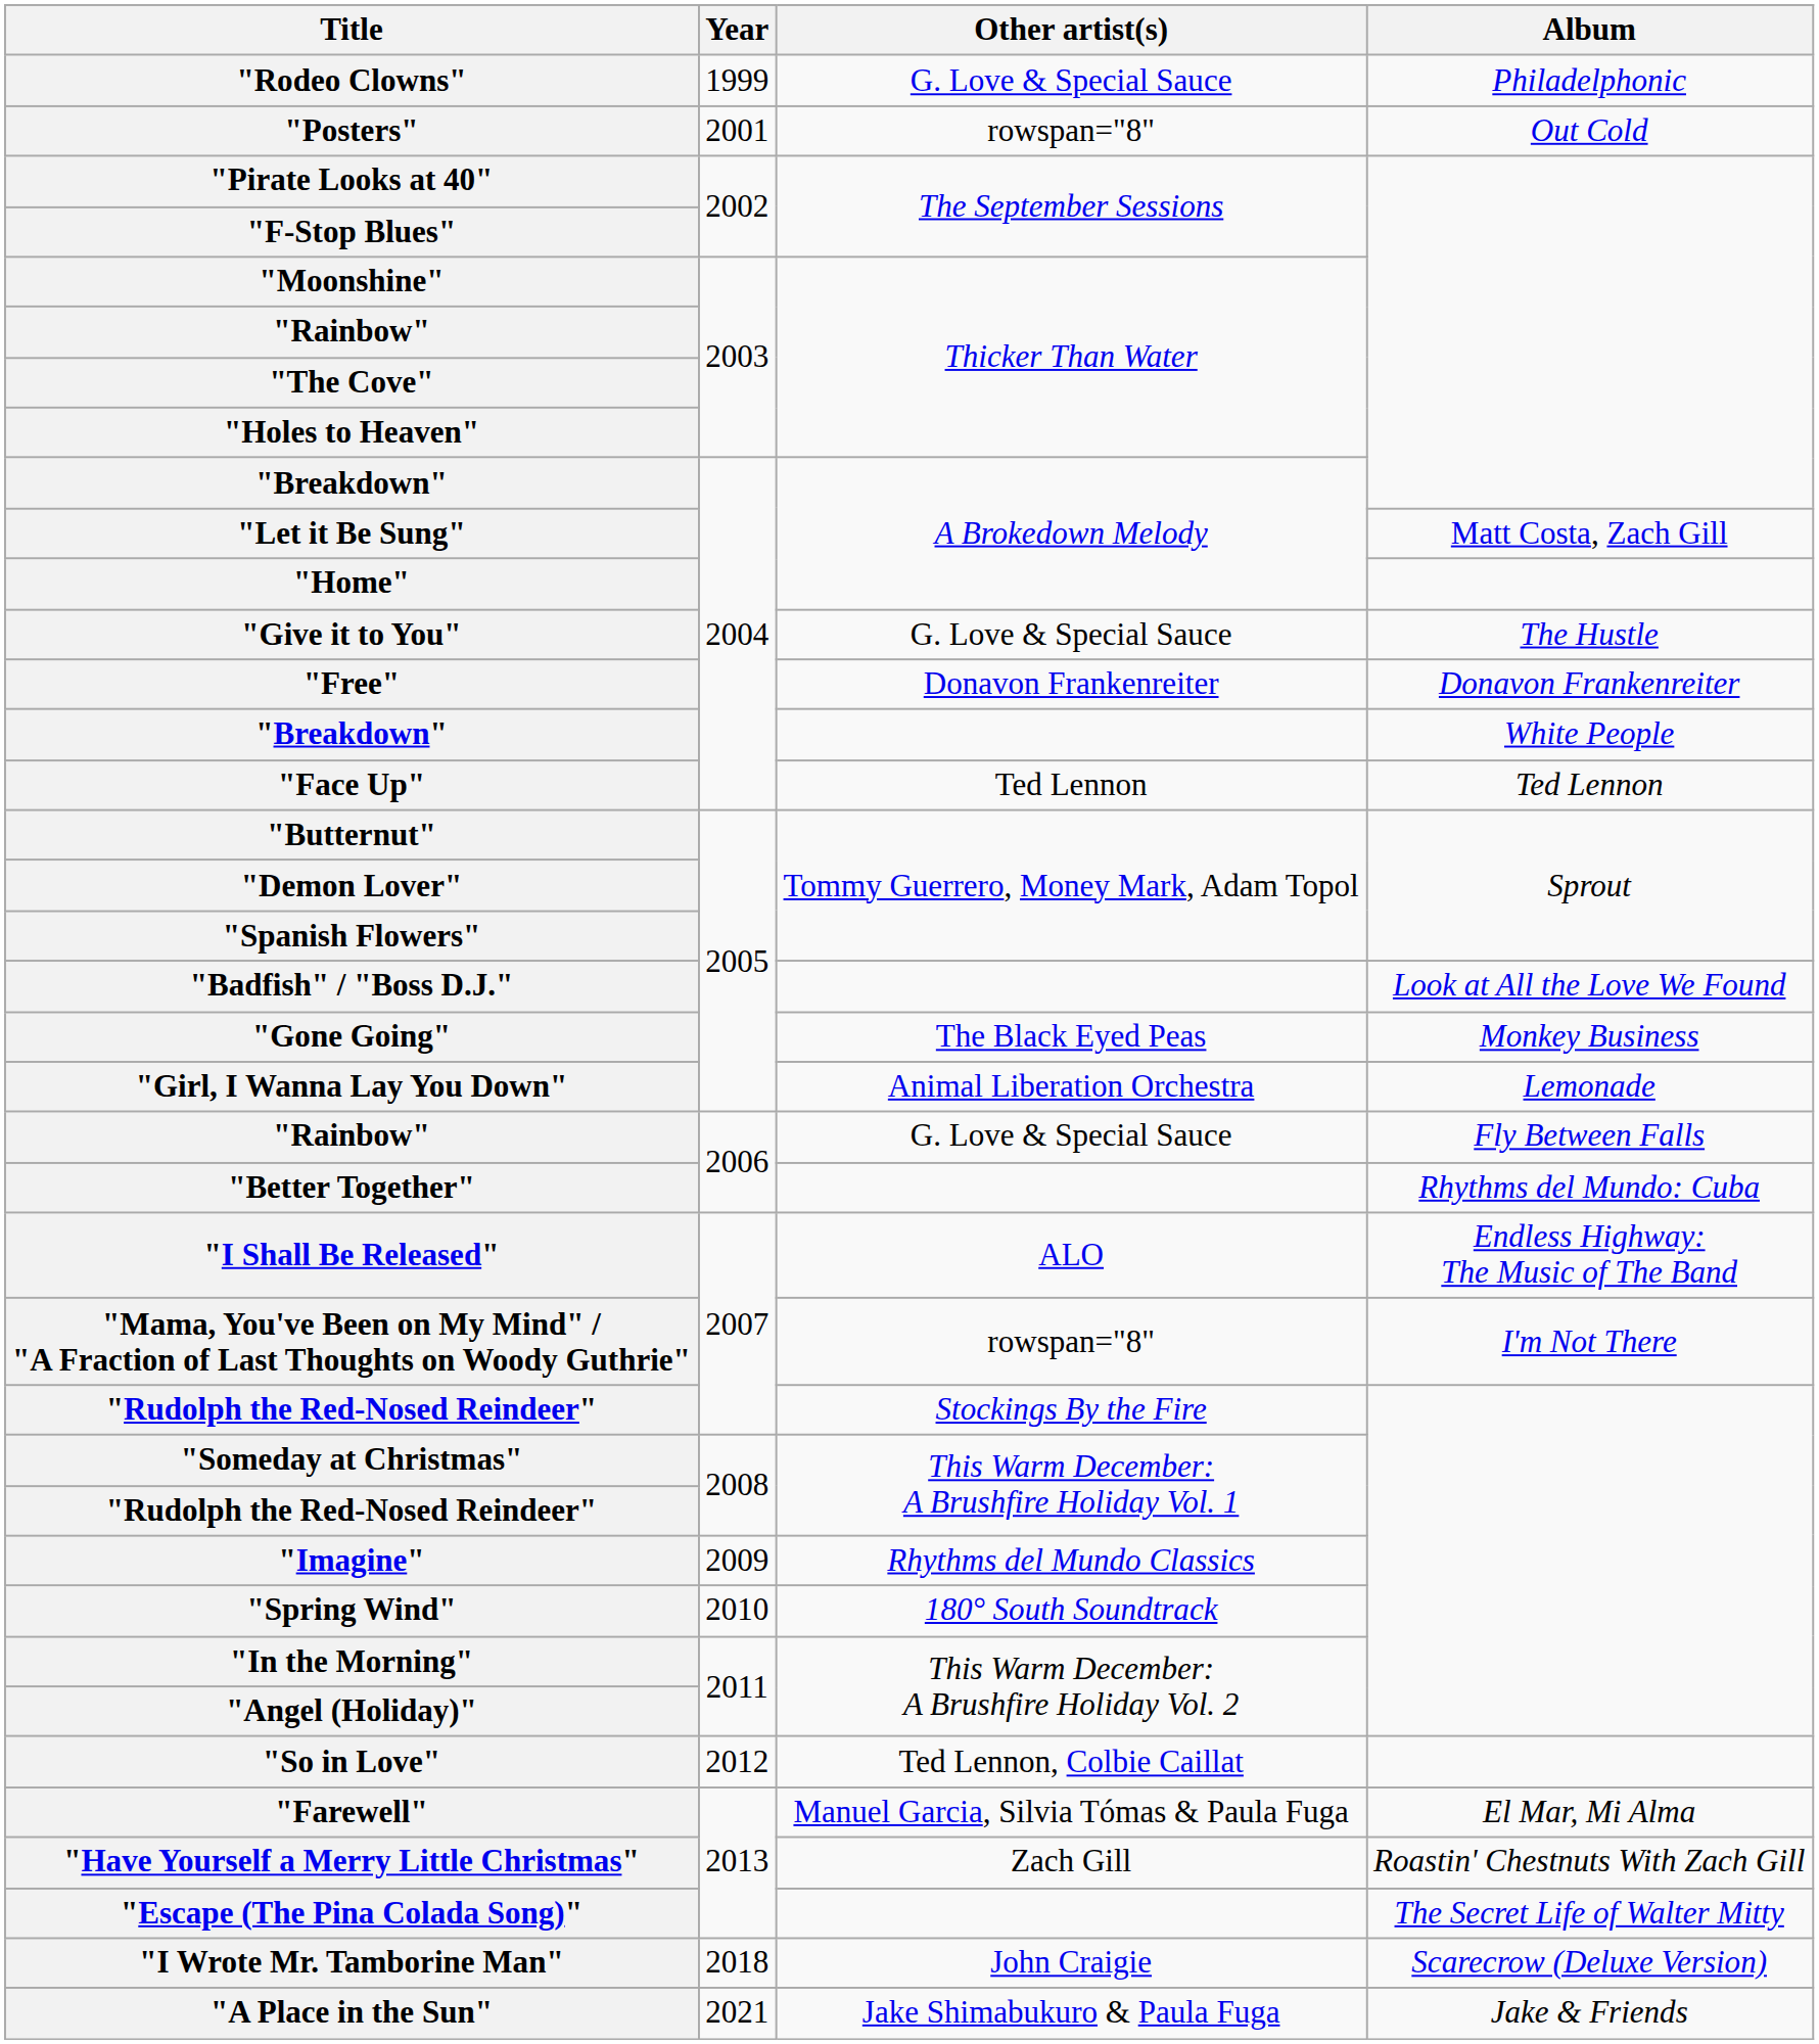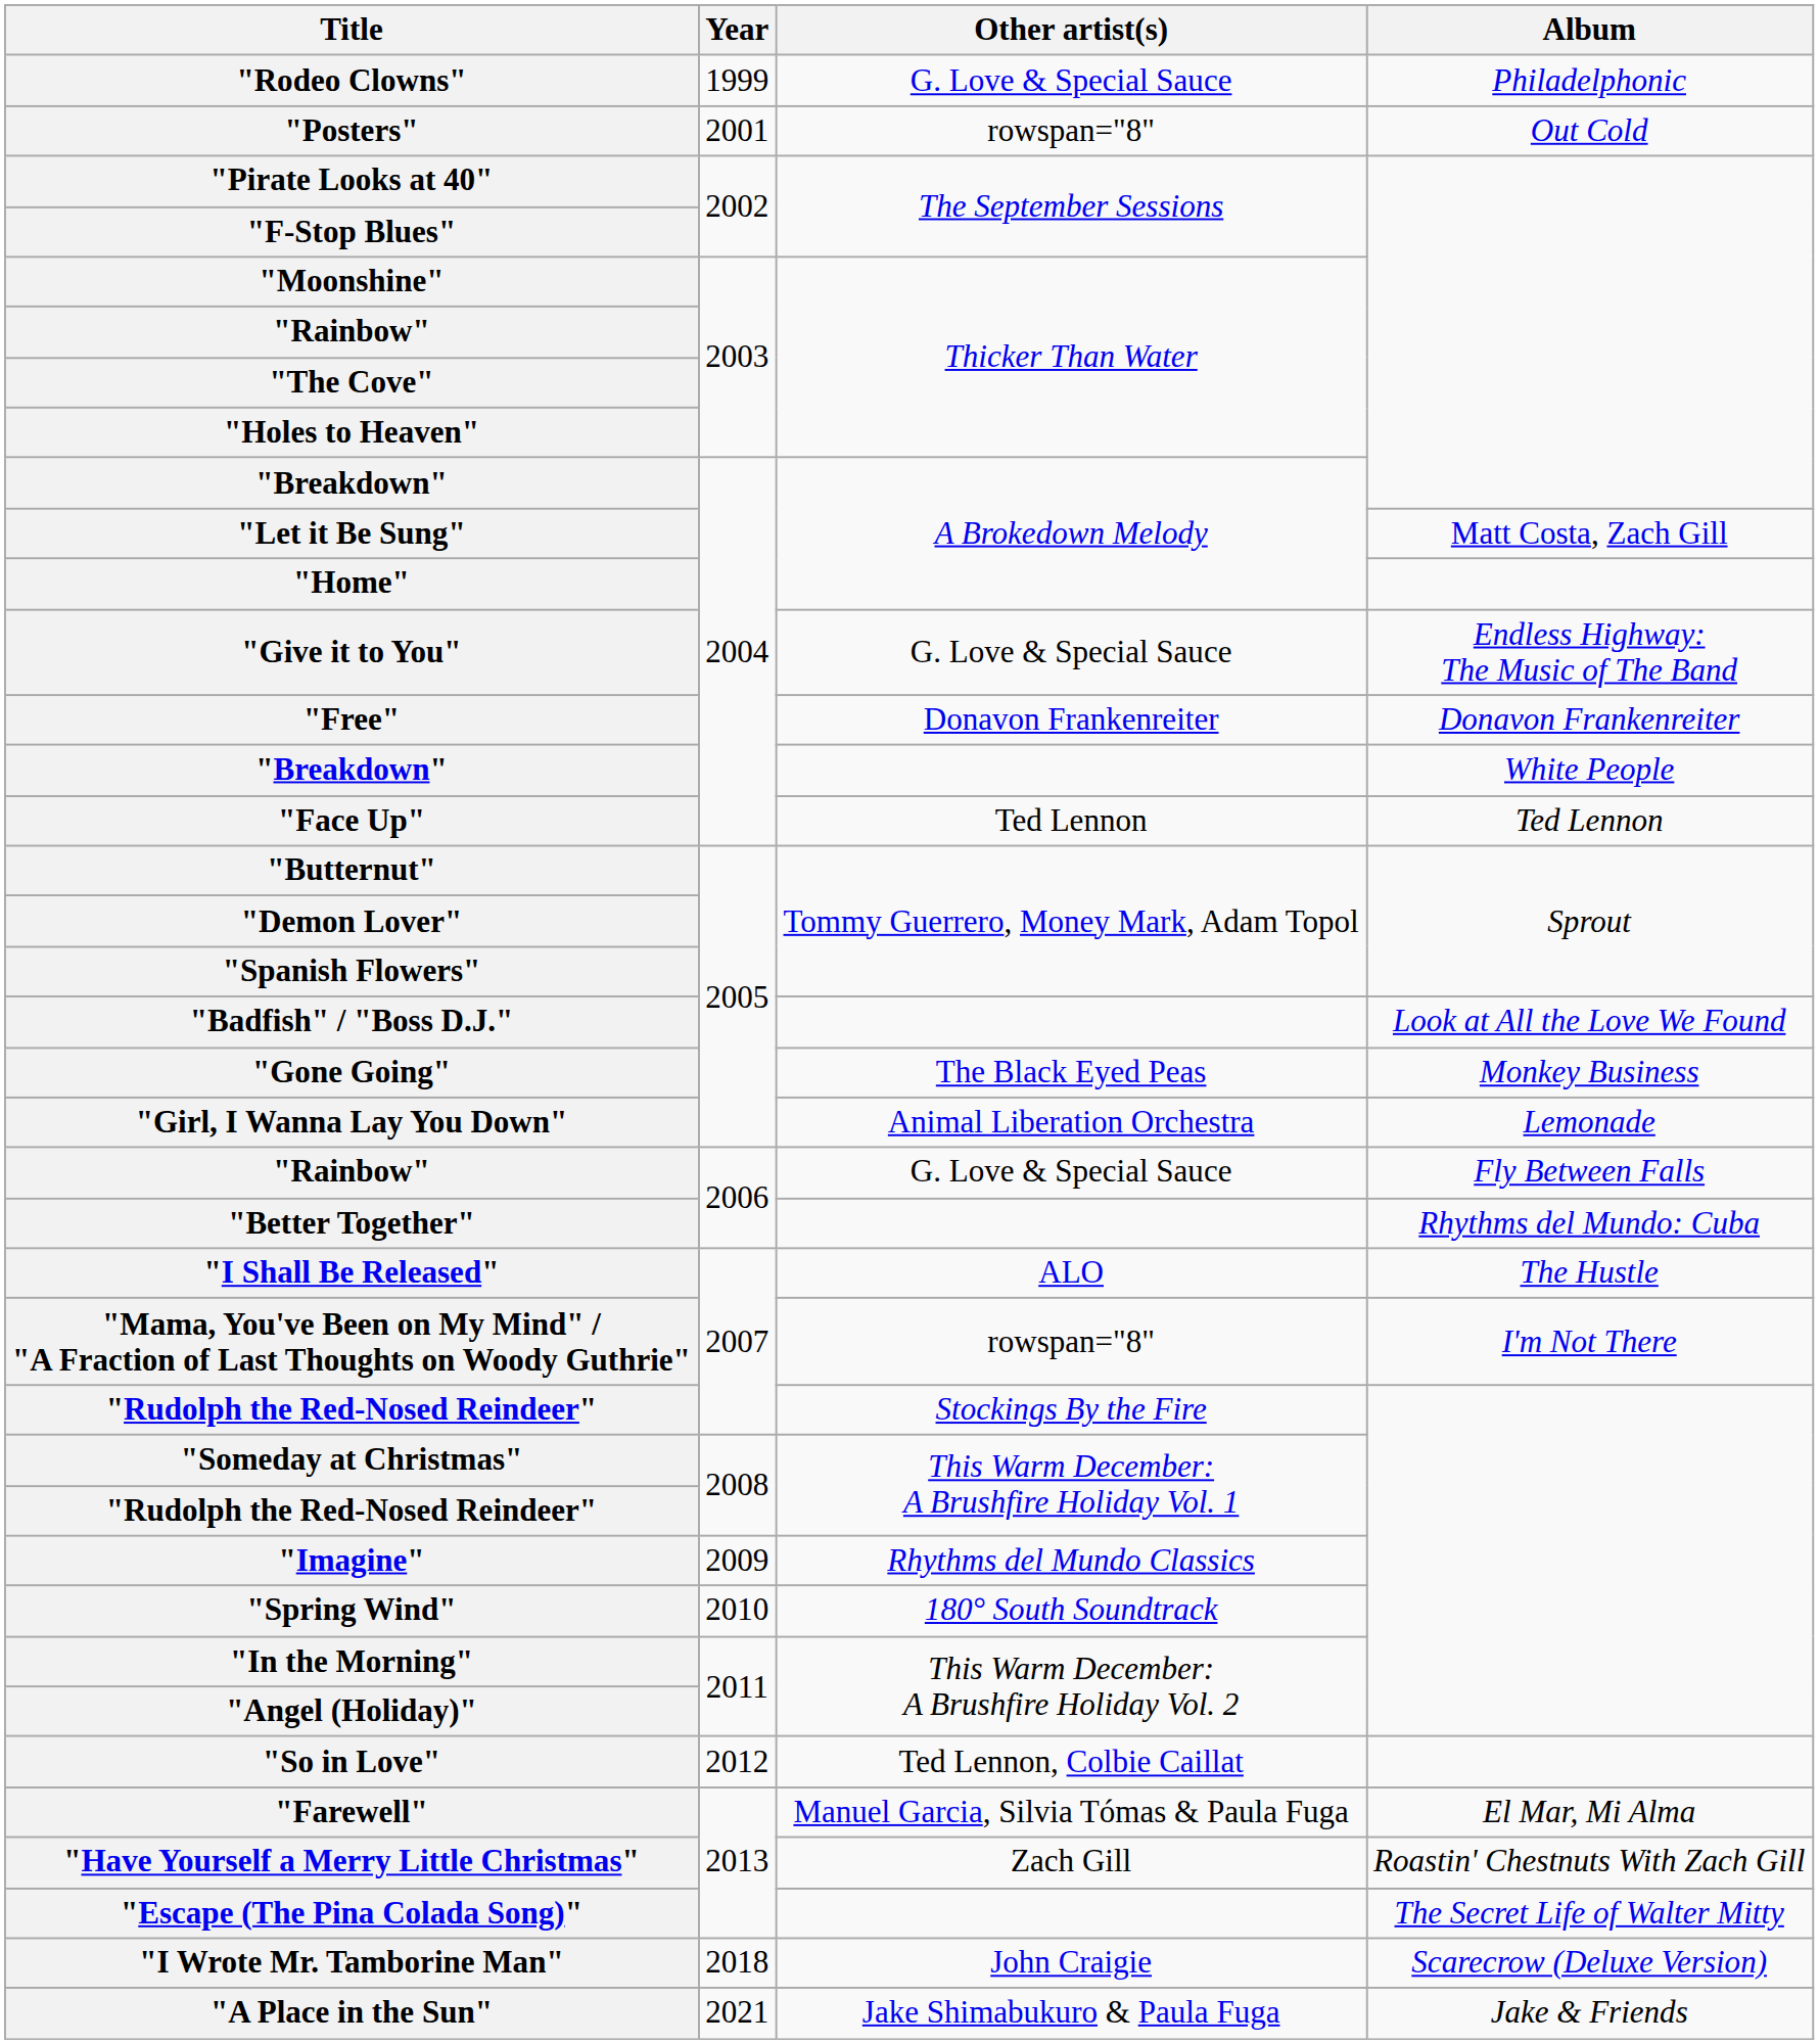 <table class="wikitable plainrowheaders" style="text-align:center;">
 <tr>
 <th scope="col">Title</th>
 <th scope="col">Year</th>
 <th scope="col">Other artist(s)</th>
 <th scope="col">Album</th>
 </tr>
 <tr>
 <th scope="row">"Rodeo Clowns"</th>
 <td>1999</td>
 <td><a href='#'>G. Love & Special Sauce</a></td>
 <td><em><a href='#'>Philadelphonic</a></em></td>
 </tr>
 <tr>
 <th scope="row">"Posters"</th>
 <td>2001</td>
 <td>rowspan="8" </td>
 <td><em><a href='#'>Out Cold</a></em></td>
 </tr>
 <tr>
 <th scope="row">"Pirate Looks at 40"</th>
 <td rowspan="2">2002</td>
 <td rowspan="2"><em><a href='#'>The September Sessions</a></em></td>
 </tr>
 <tr>
 <th scope="row">"F-Stop Blues"</th>
 </tr>
 <tr>
 <th scope="row">"Moonshine"</th>
 <td rowspan="4">2003</td>
 <td rowspan="4"><em><a href='#'>Thicker Than Water</a></em></td>
 </tr>
 <tr>
 <th scope="row">"Rainbow"</th>
 </tr>
 <tr>
 <th scope="row">"The Cove"</th>
 </tr>
 <tr>
 <th scope="row">"Holes to Heaven"</th>
 </tr>
 <tr>
 <th scope="row">"Breakdown"</th>
 <td rowspan="7">2004</td>
 <td rowspan="3"><em><a href='#'>A Brokedown Melody</a></em></td>
 </tr>
 <tr>
 <th scope="row">"Let it Be Sung"</th>
 <td><a href='#'>Matt Costa</a>, <a href='#'>Zach Gill</a></td>
 </tr>
 <tr>
 <th scope="row">"Home"</th>
 <td></td>
 </tr>
 <tr>
 <th scope="row">"Give it to You"</th>
 <td>G. Love & Special Sauce</td>
-<td><em><a href='#'>The Hustle</a></em></td>
+<td><em><a href='#'>Endless Highway:<br>The Music of The Band</a></em></td>
 </tr>
 <tr>
 <th scope="row">"Free"</th>
 <td><a href='#'>Donavon Frankenreiter</a></td>
 <td><em><a href='#'>Donavon Frankenreiter</a></em></td>
 </tr>
 <tr>
 <th scope="row">"<a href='#'>Breakdown</a>" </th>
 <td></td>
 <td><em><a href='#'>White People</a></em></td>
 </tr>
 <tr>
 <th scope="row">"Face Up"</th>
 <td>Ted Lennon</td>
 <td><em>Ted Lennon</em></td>
 </tr>
 <tr>
 <th scope="row">"Butternut"</th>
 <td rowspan="6">2005</td>
 <td rowspan="3"><a href='#'>Tommy Guerrero</a>, <a href='#'>Money Mark</a>, Adam Topol</td>
 <td rowspan="3"><em>Sprout</em></td>
 </tr>
 <tr>
 <th scope="row">"Demon Lover"</th>
 </tr>
 <tr>
 <th scope="row">"Spanish Flowers"</th>
 </tr>
 <tr>
 <th scope="row">"Badfish" / "Boss D.J."</th>
 <td></td>
 <td><em><a href='#'>Look at All the Love We Found</a></em></td>
 </tr>
 <tr>
 <th scope="row">"Gone Going"</th>
 <td><a href='#'>The Black Eyed Peas</a></td>
 <td><em><a href='#'>Monkey Business</a></em></td>
 </tr>
 <tr>
 <th scope="row">"Girl, I Wanna Lay You Down"</th>
 <td><a href='#'>Animal Liberation Orchestra</a></td>
 <td><em><a href='#'>Lemonade</a></em></td>
 </tr>
 <tr>
 <th scope="row">"Rainbow"</th>
 <td rowspan="2">2006</td>
 <td>G. Love & Special Sauce</td>
 <td><em><a href='#'>Fly Between Falls</a></em></td>
 </tr>
 <tr>
 <th scope="row">"Better Together"</th>
 <td></td>
 <td><em><a href='#'>Rhythms del Mundo: Cuba</a></em></td>
 </tr>
 <tr>
 <th scope="row">"<a href='#'>I Shall Be Released</a>"</th>
 <td rowspan="3">2007</td>
 <td><a href='#'>ALO</a></td>
-<td><em><a href='#'>Endless Highway:<br>The Music of The Band</a></em></td>
+<td><em><a href='#'>The Hustle</a></em></td>
 </tr>
 <tr>
 <th scope="row">"Mama, You've Been on My Mind" /<br>"A Fraction of Last Thoughts on Woody Guthrie"</th>
 <td>rowspan="8" </td>
 <td><em><a href='#'>I'm Not There</a></em></td>
 </tr>
 <tr>
 <th scope="row">"<a href='#'>Rudolph the Red-Nosed Reindeer</a>"</th>
 <td><em><a href='#'>Stockings By the Fire</a></em></td>
 </tr>
 <tr>
 <th scope="row">"Someday at Christmas"</th>
 <td rowspan="2">2008</td>
 <td rowspan="2"><em><a href='#'>This Warm December:<br>A Brushfire Holiday Vol. 1</a></em></td>
 </tr>
 <tr>
 <th scope="row">"Rudolph the Red-Nosed Reindeer"</th>
 </tr>
 <tr>
 <th scope="row">"<a href='#'>Imagine</a>"</th>
 <td>2009</td>
 <td><em><a href='#'>Rhythms del Mundo Classics</a></em></td>
 </tr>
 <tr>
 <th scope="row">"Spring Wind"</th>
 <td>2010</td>
 <td><em><a href='#'>180° South Soundtrack</a></em></td>
 </tr>
 <tr>
 <th scope="row">"In the Morning"</th>
 <td rowspan="2">2011</td>
 <td rowspan="2"><em>This Warm December:<br>A Brushfire Holiday Vol. 2</em></td>
 </tr>
 <tr>
 <th scope="row">"Angel (Holiday)"</th>
 </tr>
 <tr>
 <th scope="row">"So in Love" </th>
 <td>2012</td>
 <td>Ted Lennon, <a href='#'>Colbie Caillat</a></td>
 <td></td>
 </tr>
 <tr>
 <th scope="row">"Farewell"</th>
 <td rowspan="3">2013</td>
 <td><a href='#'>Manuel Garcia</a>, Silvia Tómas & Paula Fuga</td>
 <td><em>El Mar, Mi Alma</em></td>
 </tr>
 <tr>
 <th scope="row">"<a href='#'>Have Yourself a Merry Little Christmas</a>"</th>
 <td>Zach Gill</td>
 <td><em>Roastin' Chestnuts With Zach Gill</em></td>
 </tr>
 <tr>
 <th scope="row">"<a href='#'>Escape (The Pina Colada Song)</a>"</th>
 <td></td>
 <td><em><a href='#'>The Secret Life of Walter Mitty</a></em></td>
 </tr>
 <tr>
 <th scope="row">"I Wrote Mr. Tamborine Man"</th>
 <td>2018</td>
 <td><a href='#'>John Craigie</a></td>
 <td><em><a href='#'>Scarecrow (Deluxe Version)</a></em></td>
 </tr>
 <tr>
 <th scope="row">"A Place in the Sun"</th>
 <td>2021</td>
 <td><a href='#'>Jake Shimabukuro</a> & <a href='#'>Paula Fuga</a></td>
 <td><em>Jake & Friends</em></td>
 </tr>
 </table>
